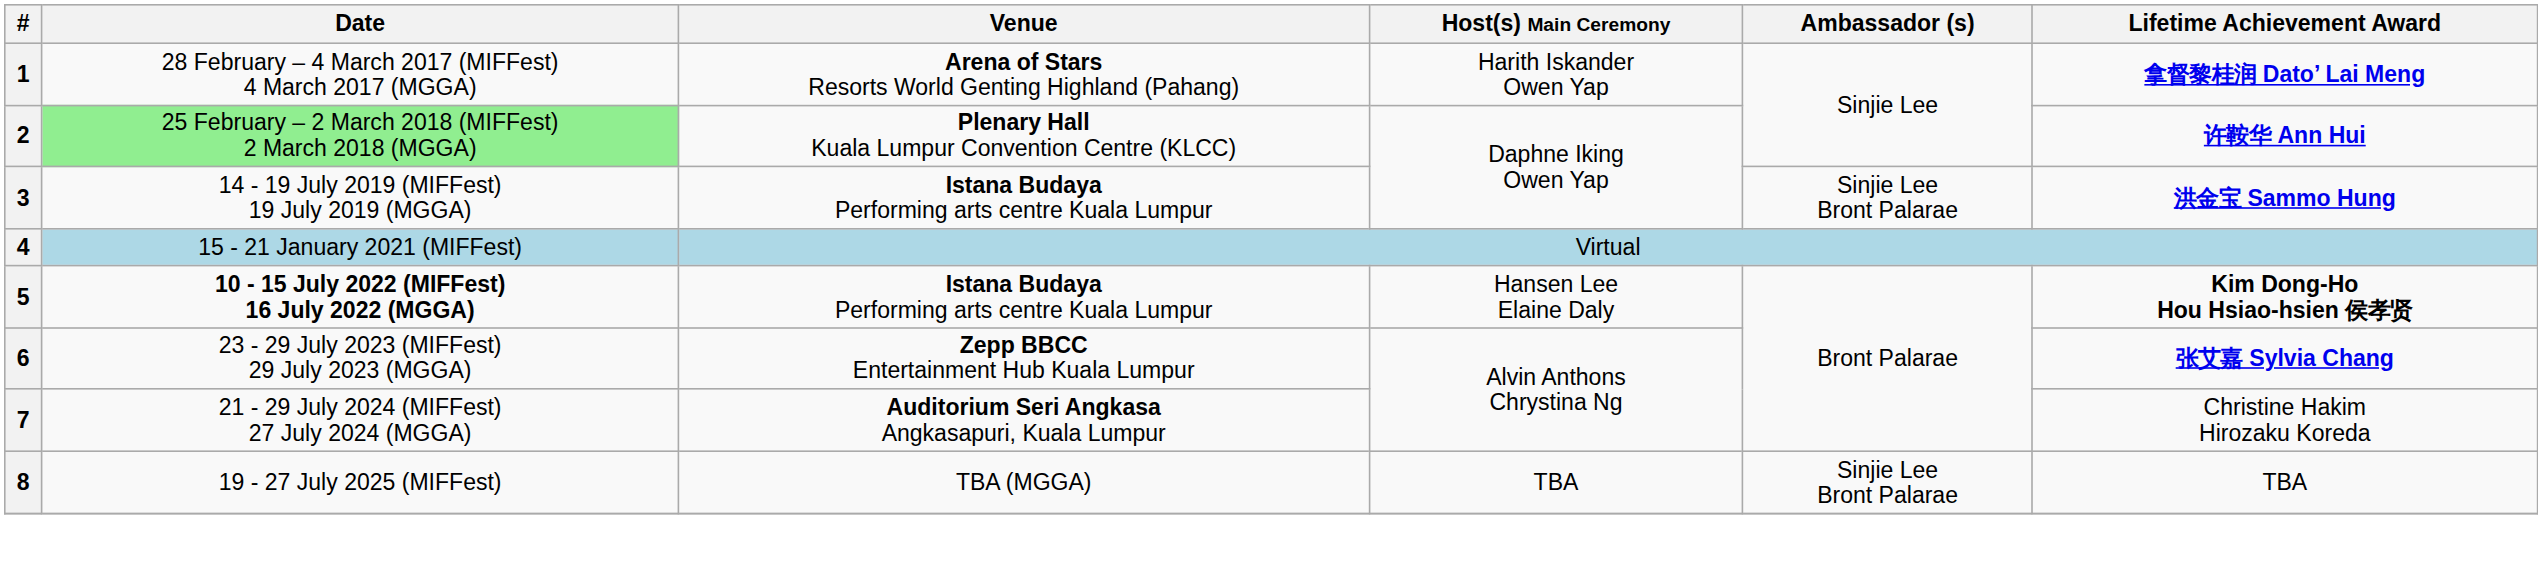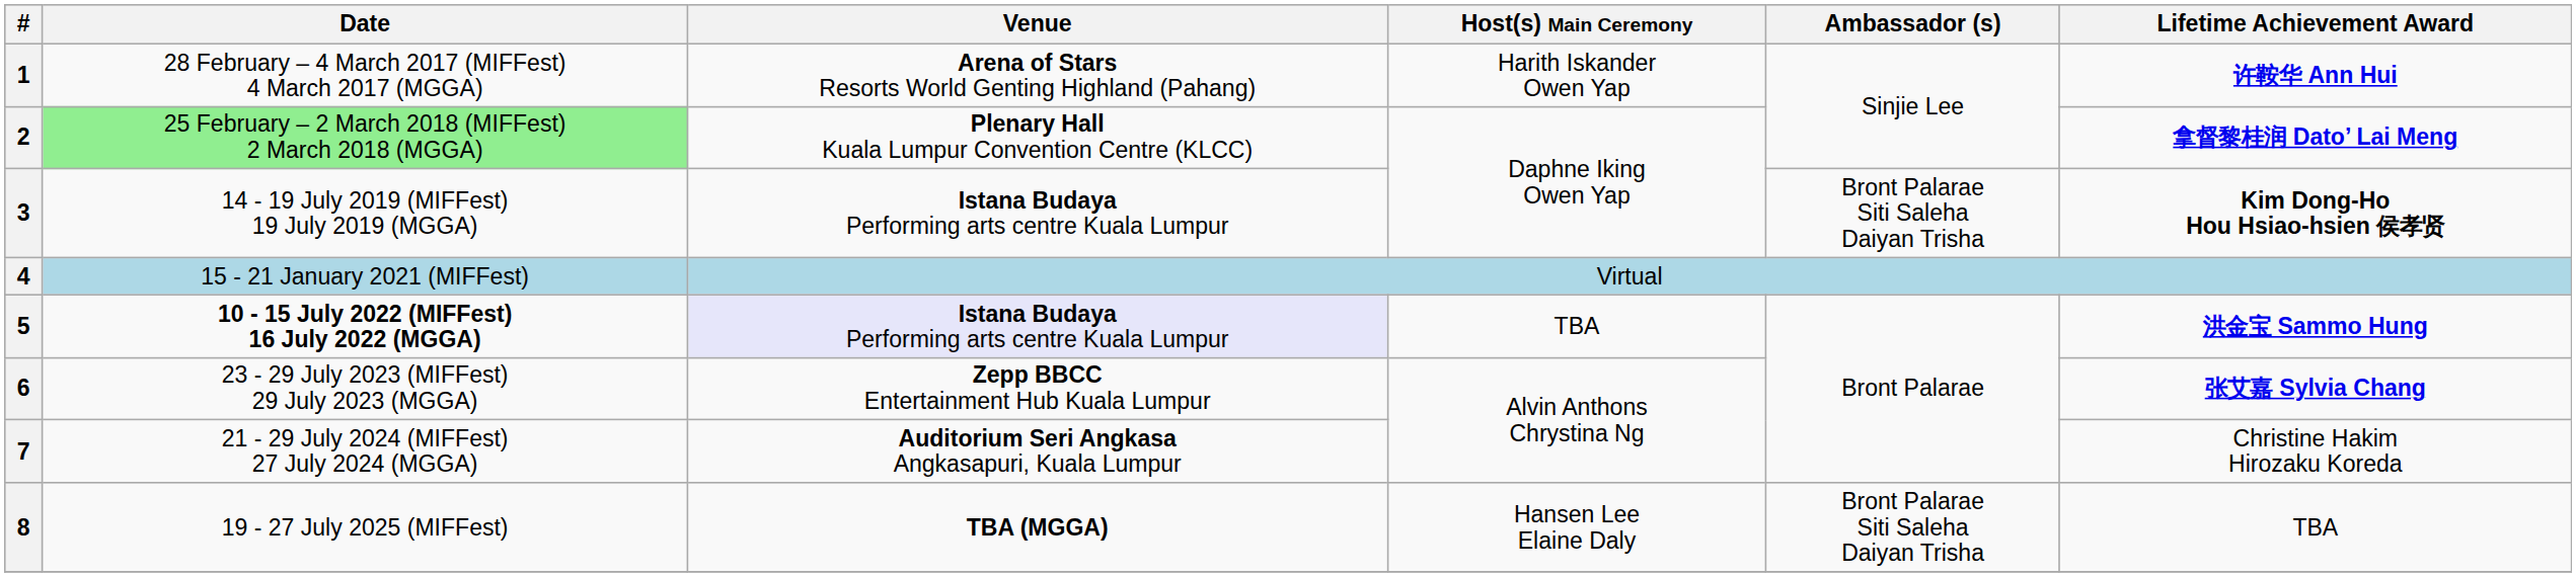 <table class="wikitable" style="text-align:center; font-size:90%; line-height:16px; width:100%;">
 <tr>
 <th>#</th>
 <th>Date</th>
 <th>Venue</th>
 <th>Host(s) <small> Main Ceremony </small></th>
 <th>Ambassador (s)</th>
 <th>Lifetime Achievement Award</th>
 </tr>
 <tr>
 <th style="text-align:center;">1</th>
 <td>28 February – 4 March 2017 (MIFFest) <br> 4 March 2017 (MGGA)</td>
 <td><strong>Arena of Stars</strong><br> Resorts World Genting Highland (Pahang)</td>
 <td>Harith Iskander <br> Owen Yap</td>
 <td rowspan=2>Sinjie Lee</td>
-<td><strong><a href='#'>拿督黎桂润 Dato’ Lai Meng</a></strong></td>
+<td><strong><a href='#'>许鞍华 Ann Hui</a></strong></td>
 </tr>
 <tr>
 <th style="text-align:center;">2</th>
 <td style="background: lightgreen;">25 February – 2 March 2018 (MIFFest) <br> 2 March 2018 (MGGA)</td>
 <td><strong>Plenary Hall</strong> <br> Kuala Lumpur Convention Centre (KLCC)</td>
 <td rowspan=2>Daphne Iking <br> Owen Yap</td>
-<td><strong><a href='#'>许鞍华 Ann Hui</a></strong></td>
+<td><strong><a href='#'>拿督黎桂润 Dato’ Lai Meng</a></strong></td>
 </tr>
 <tr>
 <th style="text-align:center;">3</th>
 <td>14 - 19 July 2019 (MIFFest) <br> 19 July 2019 (MGGA)</td>
 <td><strong>Istana Budaya</strong> <br>  Performing arts centre Kuala Lumpur</td>
-<td>Sinjie Lee <br> Bront Palarae</td>
-<td><strong><a href='#'>洪金宝 Sammo Hung</a></strong></td>
+<td>Bront Palarae <br> Siti Saleha <br> Daiyan Trisha</td>
+<td><strong>Kim Dong-Ho</strong> <br> <strong>Hou Hsiao-hsien 侯孝贤</strong></td>
 </tr>
 <tr>
 <th style="text-align:center;">4</th>
 <td style="background:lightblue">15 - 21 January 2021 (MIFFest)</td>
 <td colspan="4" style="background:lightblue">Virtual</td>
 </tr>
 <tr>
 <th style="text-align:center;">5</th>
 <td><strong>10 - 15 July 2022 (MIFFest) <br> 16 July 2022 (MGGA)</strong></td>
-<td><strong>Istana Budaya</strong> <br>  Performing arts centre Kuala Lumpur</td>
-<td>Hansen Lee <br> Elaine Daly</td>
+<td style="background: lavender;"><strong>Istana Budaya</strong> <br>  Performing arts centre Kuala Lumpur</td>
+<td>TBA</td>
 <td rowspan=3>Bront Palarae</td>
-<td><strong>Kim Dong-Ho</strong> <br> <strong>Hou Hsiao-hsien 侯孝贤</strong></td>
+<td><strong><a href='#'>洪金宝 Sammo Hung</a></strong></td>
 </tr>
 <tr>
 <th style="text-align:center;">6</th>
 <td>23 - 29 July 2023 (MIFFest) <br> 29 July 2023 (MGGA)</td>
 <td><strong>Zepp BBCC</strong> <br> Entertainment Hub Kuala Lumpur</td>
 <td rowspan=2>Alvin Anthons <br> Chrystina Ng</td>
 <td><strong><a href='#'> 张艾嘉 Sylvia Chang</a></strong></td>
 </tr>
 <tr>
 <th style="text-align:center;">7</th>
 <td>21 - 29 July 2024 (MIFFest) <br> 27 July 2024 (MGGA)</td>
 <td><strong>Auditorium Seri Angkasa</strong> <br> Angkasapuri, Kuala Lumpur</td>
 <td>Christine Hakim <br> Hirozaku Koreda</td>
 </tr>
 <tr>
 <th style="text-align:center;">8</th>
 <td>19 - 27 July 2025 (MIFFest)</td>
-<td>TBA (MGGA)</td>
-<td>TBA</td>
-<td>Sinjie Lee <br> Bront Palarae</td>
+<td><strong>TBA (MGGA)</strong></td>
+<td>Hansen Lee <br> Elaine Daly</td>
+<td>Bront Palarae <br> Siti Saleha <br> Daiyan Trisha</td>
 <td>TBA</td>
 </tr>
 <tr>
 </tr>
 </table>
